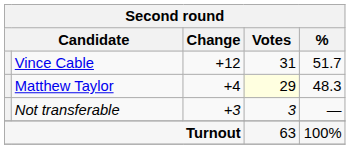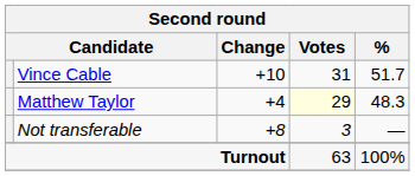 <table class="wikitable" style="font-size: 95%;">
 <tr>
 <th colspan="5">Second round</th>
 </tr>
 <tr>
 <th colspan="2" style="width: 170px">Candidate</th>
 <th style="width: 40px">Change</th>
 <th style="width: 50px">Votes</th>
 <th style="width: 40px">%</th>
 </tr>
 <tr>
 <th style="background-color: "></th>
 <td style="width: 170px"><a href='#'>Vince Cable</a></td>
-<td align="right">+12</td>
+<td align="right">+10</td>
 <td align="right">31</td>
 <td align="right">51.7</td>
 </tr>
 <tr>
 <th style="background-color: "></th>
 <td style="width: 170px"><a href='#'>Matthew Taylor</a></td>
 <td align="right">+4</td>
 <td align="right" style="background: lightyellow;">29</td>
 <td align="right">48.3</td>
 </tr>
 <tr>
 <th style="background-color: "></th>
 <td style="width: 170px"><em>Not transferable</em></td>
-<td align="right"><em>+3</em></td>
+<td align="right"><em>+8</em></td>
 <td align="right"><em>3</em></td>
 <td align="right">—</td>
 </tr>
 <tr>
 </tr>
 <tr style="background-color:#F6F6F6">
 <td colspan="3" align="right"><strong>Turnout</strong></td>
 <td align="right">63</td>
 <td align="right">100%</td>
 </tr>
 <tr>
 </tr>
 </table>
